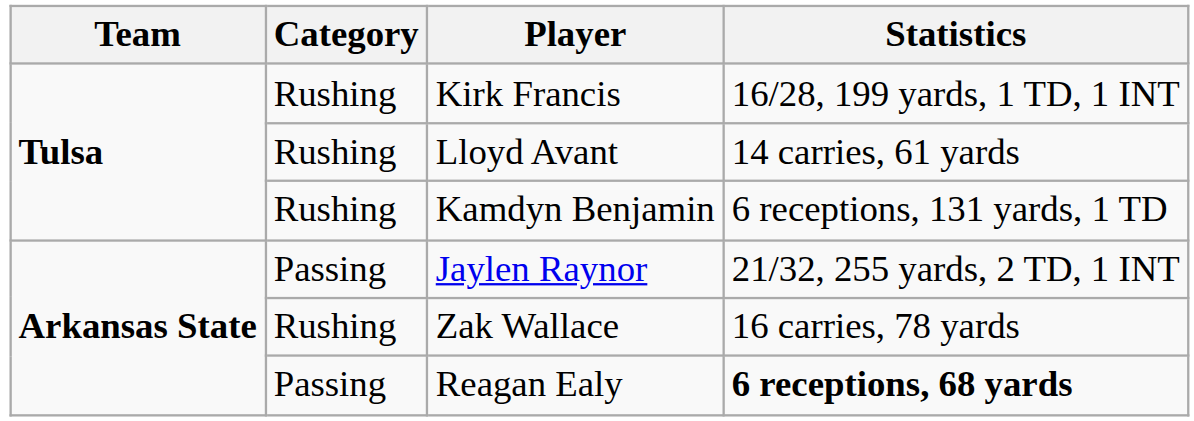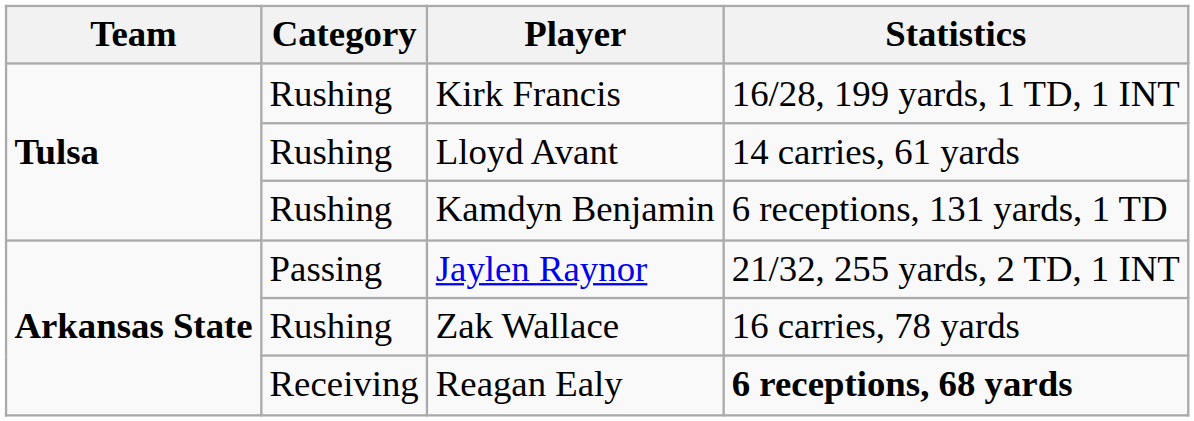 <table class="wikitable" style="float: right;">
 <tr>
 <th>Team</th>
 <th>Category</th>
 <th>Player</th>
 <th>Statistics</th>
 </tr>
 <tr>
 <td rowspan=3><strong>Tulsa</strong></td>
 <td>Rushing</td>
 <td>Kirk Francis</td>
 <td>16/28, 199 yards, 1 TD, 1 INT</td>
 </tr>
 <tr>
 <td>Rushing</td>
 <td>Lloyd Avant</td>
 <td>14 carries, 61 yards</td>
 </tr>
 <tr>
 <td>Rushing</td>
 <td>Kamdyn Benjamin</td>
 <td>6 receptions, 131 yards, 1 TD</td>
 </tr>
 <tr>
 <td rowspan=3><strong>Arkansas State</strong></td>
 <td>Passing</td>
 <td><a href='#'>Jaylen Raynor</a></td>
 <td>21/32, 255 yards, 2 TD, 1 INT</td>
 </tr>
 <tr>
 <td>Rushing</td>
 <td>Zak Wallace</td>
 <td>16 carries, 78 yards</td>
 </tr>
 <tr>
-<td>Passing</td>
+<td>Receiving</td>
 <td>Reagan Ealy</td>
 <td><strong>6 receptions, 68 yards</strong></td>
 </tr>
 </table>
